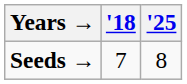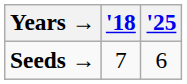 <table class="wikitable">
 <tr>
 <th>Years →</th>
 <th><a href='#'>'18</a></th>
 <th><a href='#'>'25</a></th>
 </tr>
 <tr align=center>
 <td style="text-align:left; "><strong>Seeds →</strong></td>
 <td>7</td>
-<td>8</td>
+<td>6</td>
 </tr>
 </table>
